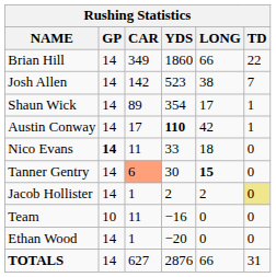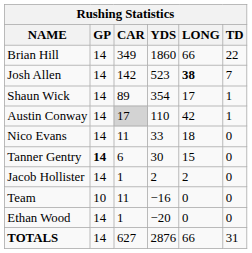 <table class="wikitable sortable collapsible collapsed">
 <tr>
 <th colspan="7">Rushing Statistics</th>
 </tr>
 <tr>
 <th>NAME</th>
 <th>GP</th>
 <th>CAR</th>
 <th>YDS</th>
 <th>LONG</th>
 <th>TD</th>
 </tr>
 <tr>
 <td>Brian Hill</td>
 <td>14</td>
 <td>349</td>
 <td>1860</td>
 <td>66</td>
 <td>22</td>
 </tr>
 <tr>
 <td>Josh Allen</td>
 <td>14</td>
 <td>142</td>
 <td>523</td>
-<td>38</td>
+<td><strong>38</strong></td>
 <td>7</td>
 </tr>
 <tr>
 <td>Shaun Wick</td>
 <td>14</td>
 <td>89</td>
 <td>354</td>
 <td>17</td>
 <td>1</td>
 </tr>
 <tr>
 <td>Austin Conway</td>
 <td>14</td>
-<td>17</td>
-<td><strong>110</strong></td>
+<td style="background: lightgrey;">17</td>
+<td>110</td>
 <td>42</td>
 <td>1</td>
 </tr>
 <tr>
 <td>Nico Evans</td>
-<td><strong>14</strong></td>
+<td>14</td>
 <td>11</td>
 <td>33</td>
 <td>18</td>
 <td>0</td>
 </tr>
 <tr>
 <td>Tanner Gentry</td>
-<td>14</td>
-<td style="background: lightsalmon;">6</td>
+<td><strong>14</strong></td>
+<td>6</td>
 <td>30</td>
-<td><strong>15</strong></td>
+<td>15</td>
 <td>0</td>
 </tr>
 <tr>
 <td>Jacob Hollister</td>
 <td>14</td>
 <td>1</td>
 <td>2</td>
 <td>2</td>
-<td style="background: khaki;">0</td>
+<td>0</td>
 </tr>
 <tr>
 <td>Team</td>
 <td>10</td>
 <td>11</td>
 <td>−16</td>
 <td>0</td>
 <td>0</td>
 </tr>
 <tr>
 <td>Ethan Wood</td>
 <td>14</td>
 <td>1</td>
 <td>−20</td>
 <td>0</td>
 <td>0</td>
 </tr>
 <tr>
 <td><strong>TOTALS</strong></td>
 <td>14</td>
 <td>627</td>
 <td>2876</td>
 <td>66</td>
 <td>31</td>
 </tr>
 </table>
